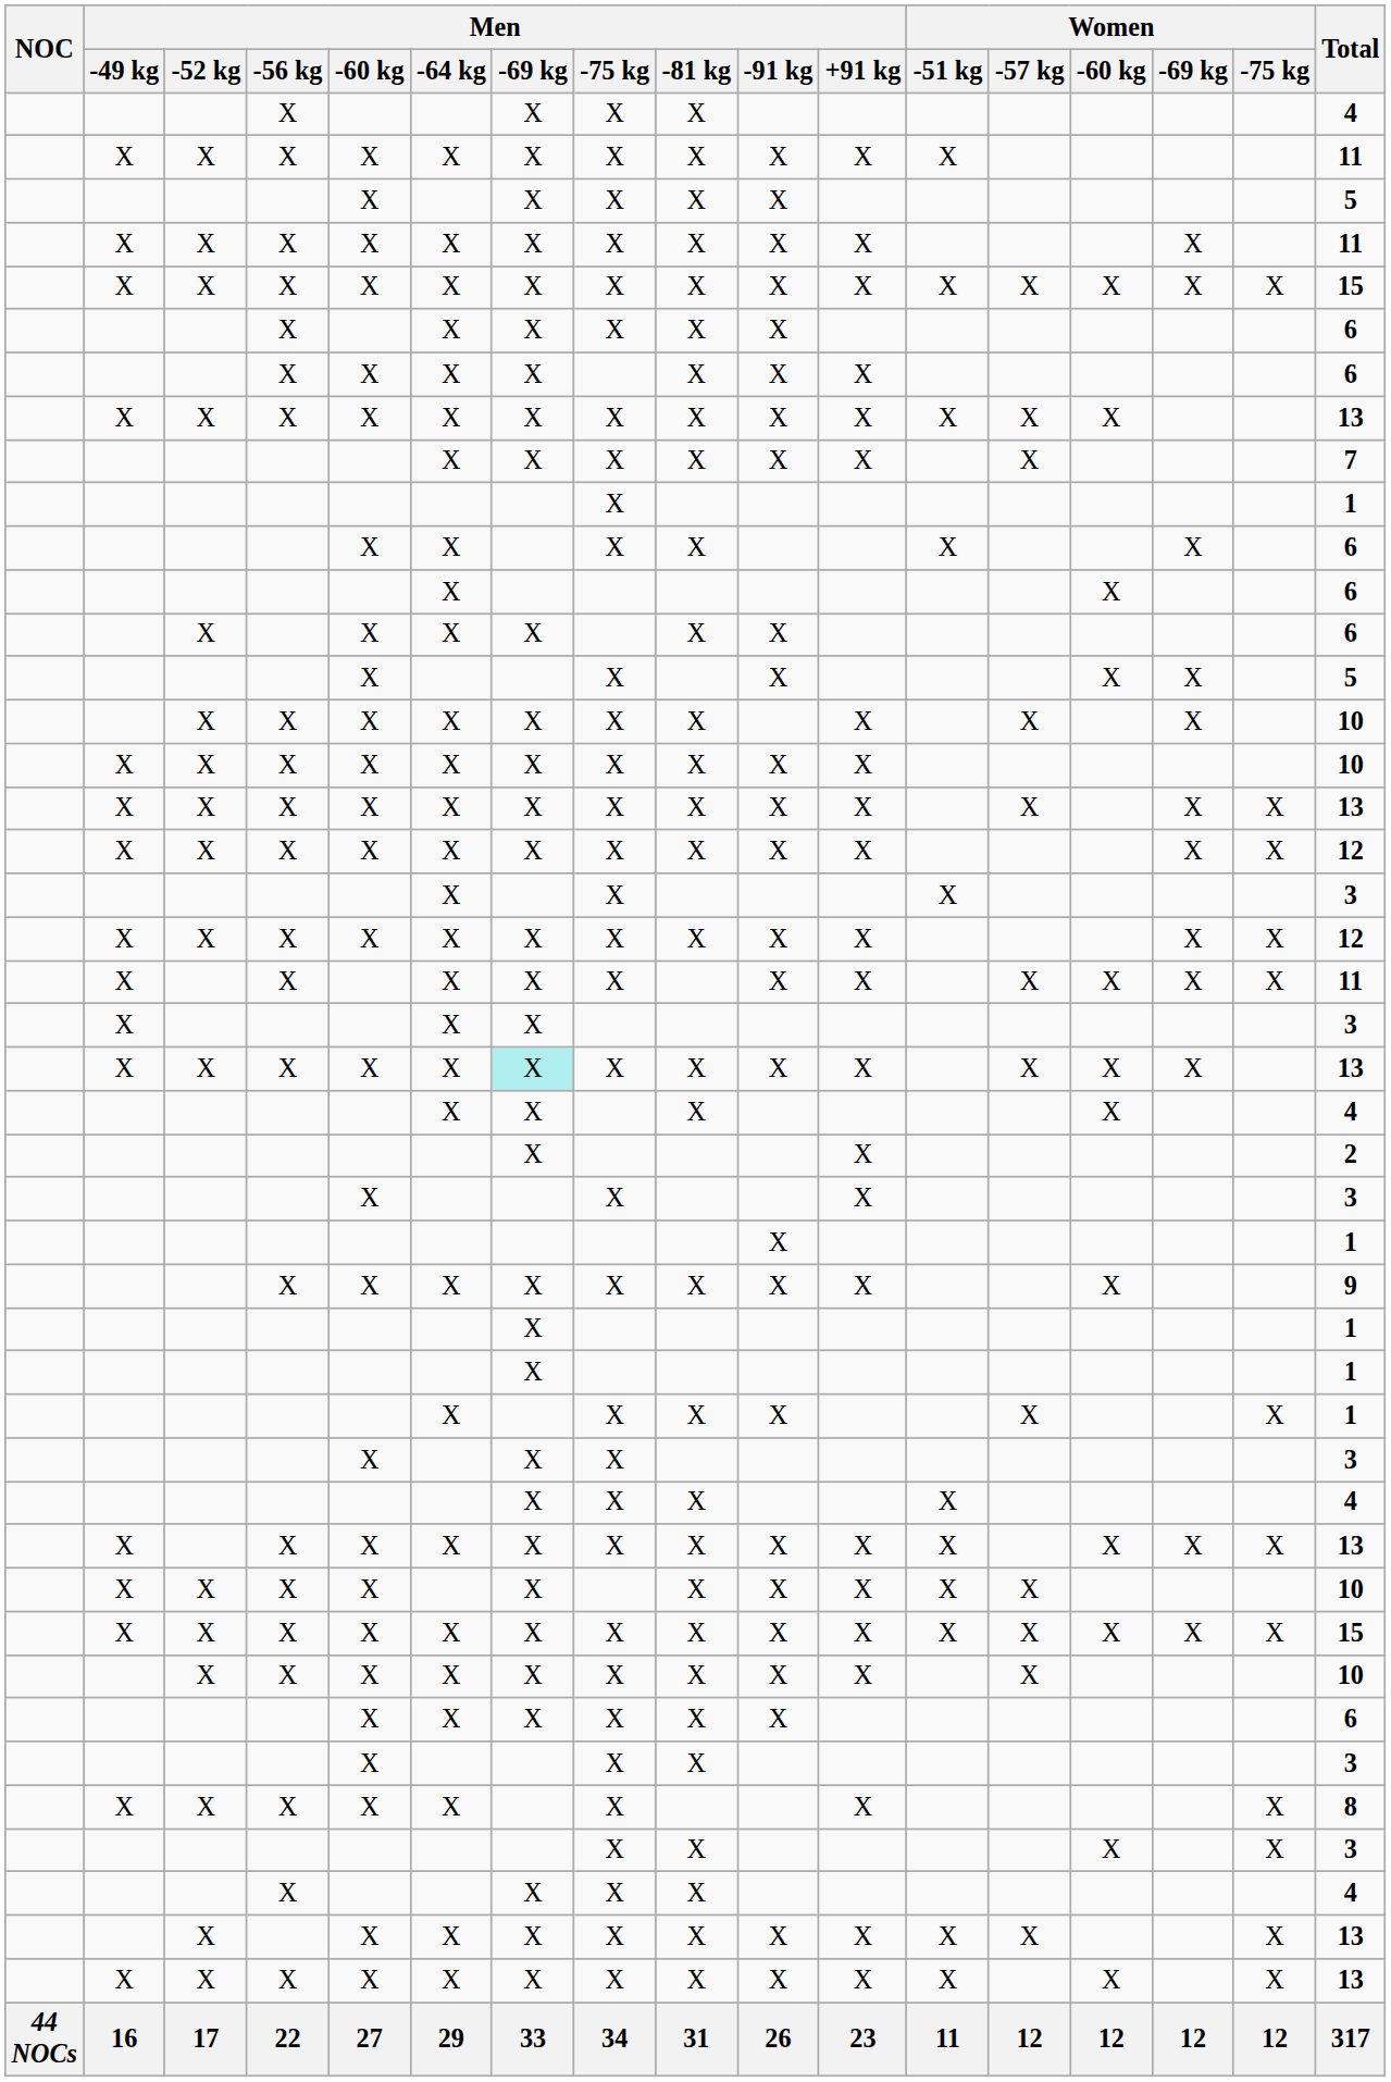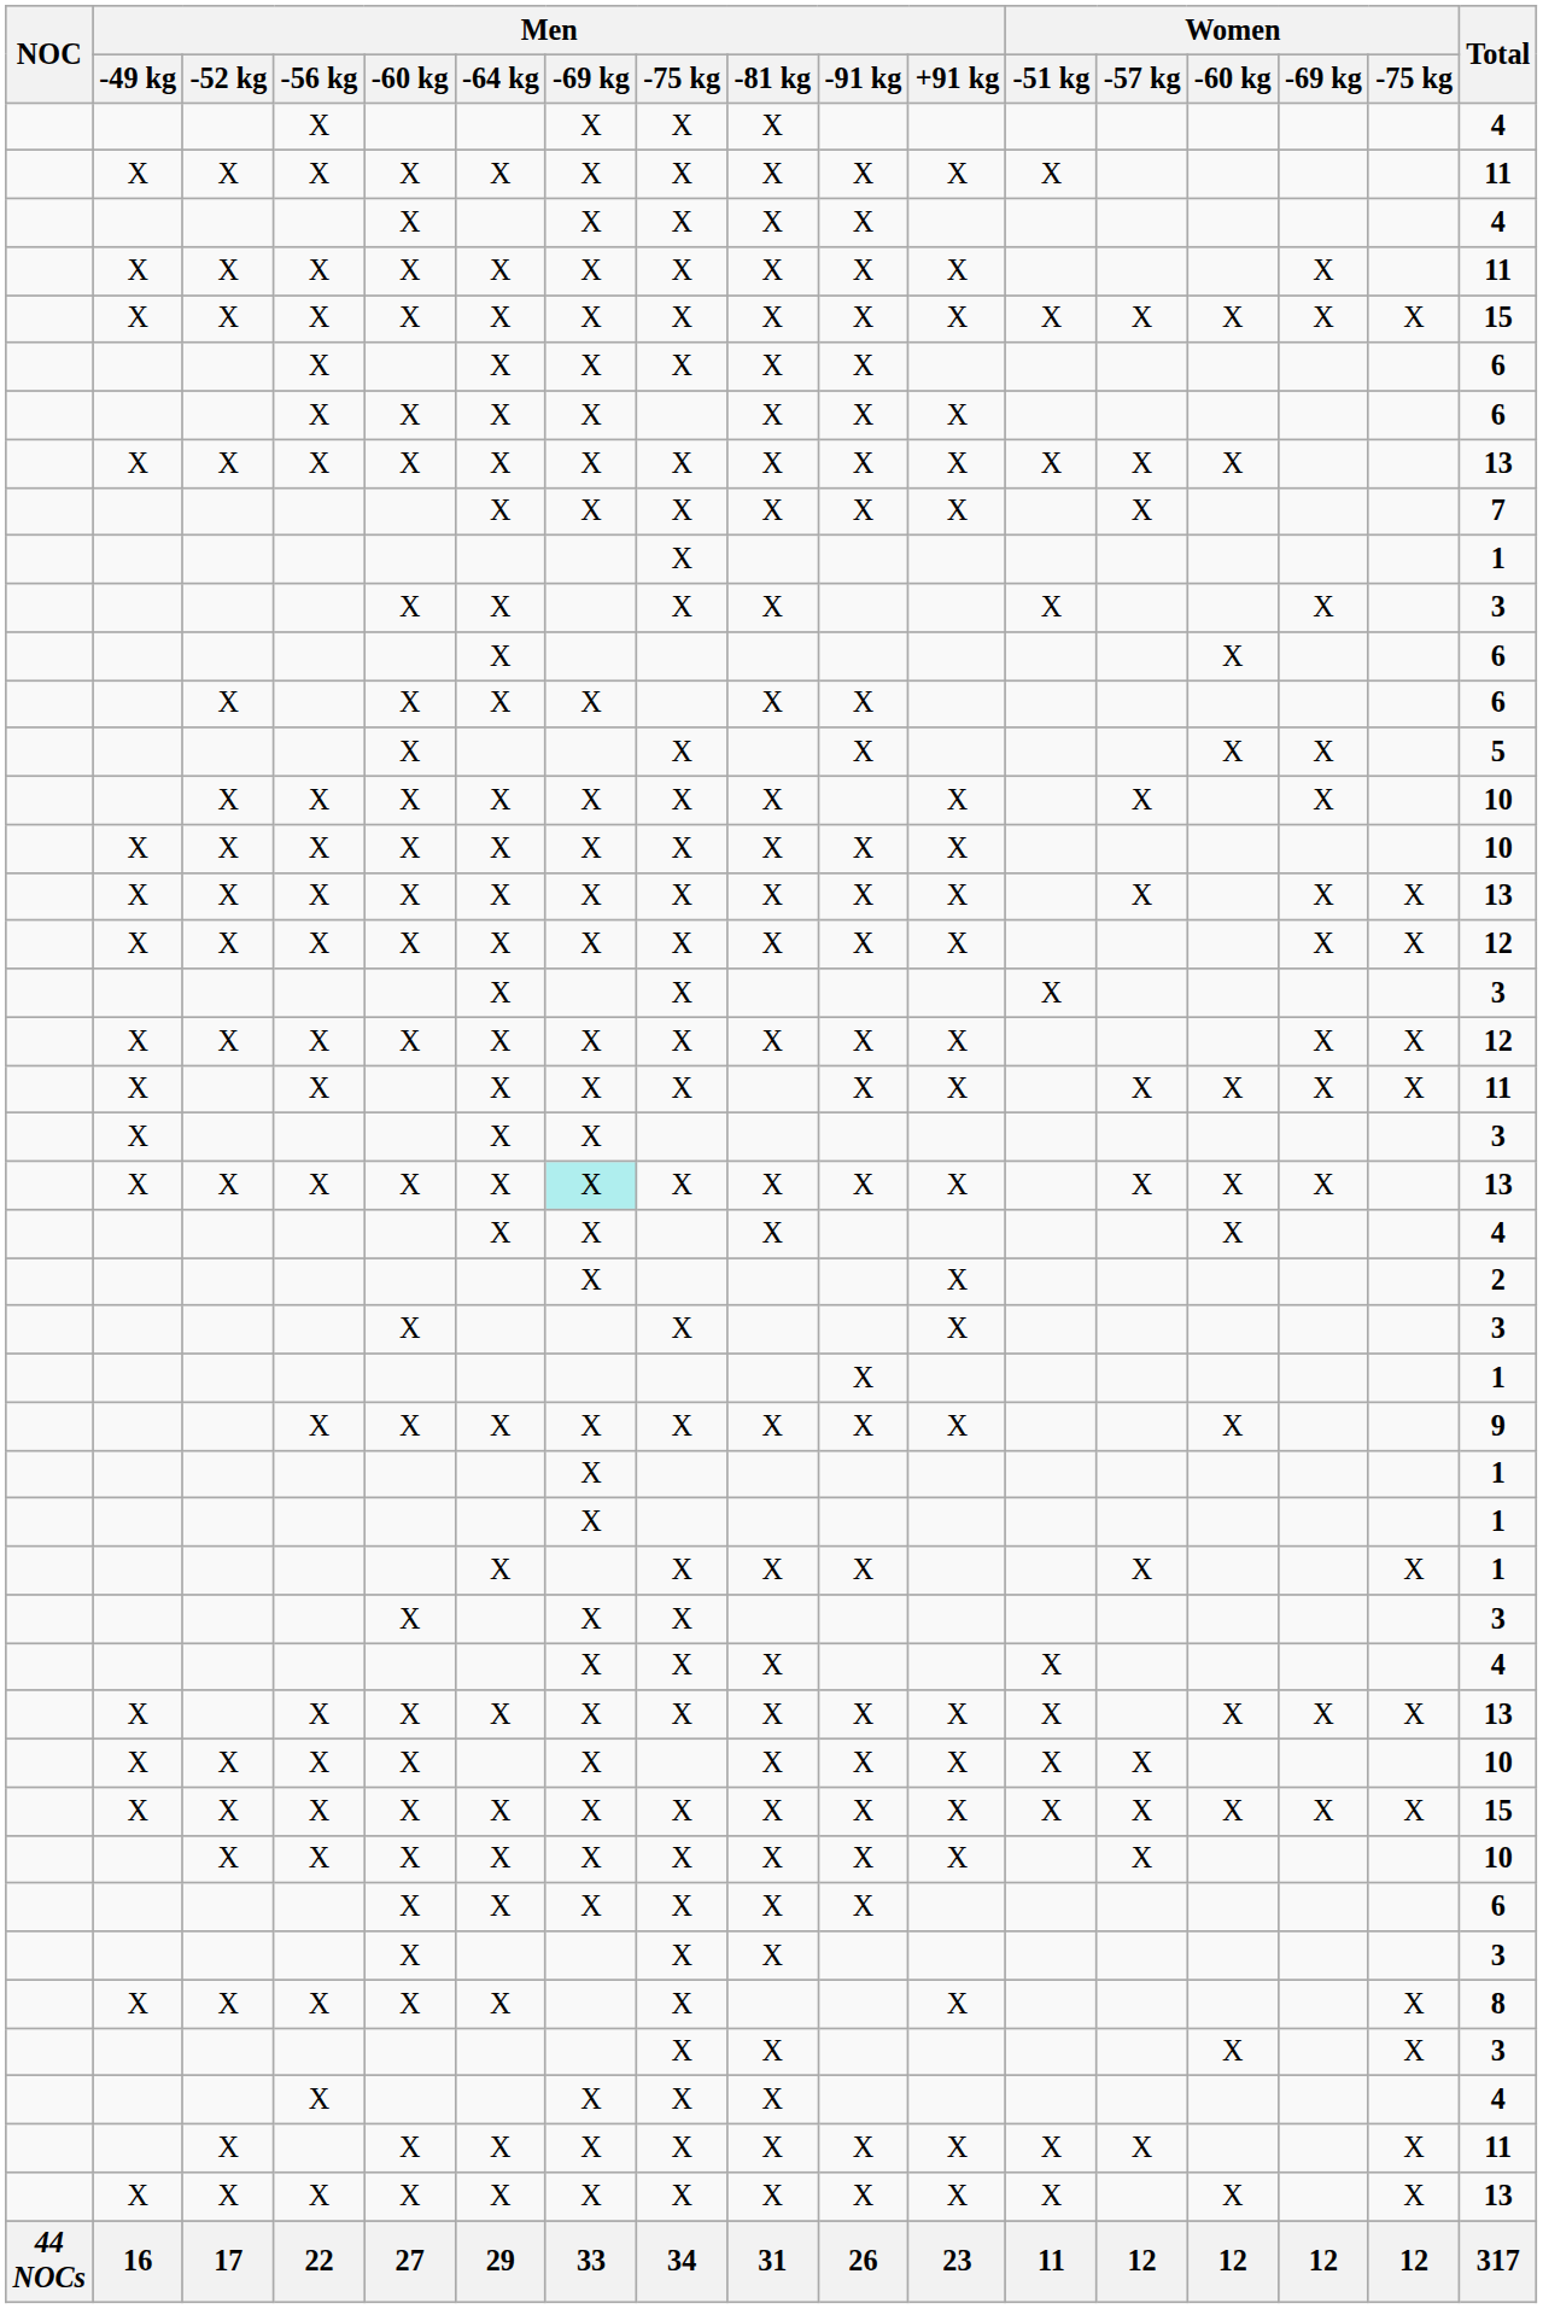 <table class="wikitable collapsible" style="text-align:center; font-size:90%">
 <tr>
 <th rowspan=2 width=170 align=left>NOC</th>
 <th colspan=10>Men</th>
 <th colspan=5>Women</th>
 <th rowspan=2 width=40>Total</th>
 </tr>
 <tr>
 <th width=40>-49 kg</th>
 <th width=40>-52 kg</th>
 <th width=40>-56 kg</th>
 <th width=40>-60 kg</th>
 <th width=40>-64 kg</th>
 <th width=40>-69 kg</th>
 <th width=40>-75 kg</th>
 <th width=40>-81 kg</th>
 <th width=40>-91 kg</th>
 <th width=40>+91 kg</th>
 <th width=40>-51 kg</th>
 <th width=40>-57 kg</th>
 <th width=40>-60 kg</th>
 <th width=40>-69 kg</th>
 <th width=40>-75 kg</th>
 </tr>
 <tr>
 <td align=left></td>
 <td></td>
 <td></td>
 <td>X</td>
 <td></td>
 <td></td>
 <td>X</td>
 <td>X</td>
 <td>X</td>
 <td></td>
 <td></td>
 <td></td>
 <td></td>
 <td></td>
 <td></td>
 <td></td>
 <td><strong>4</strong></td>
 </tr>
 <tr>
 <td align=left></td>
 <td>X</td>
 <td>X</td>
 <td>X</td>
 <td>X</td>
 <td>X</td>
 <td>X</td>
 <td>X</td>
 <td>X</td>
 <td>X</td>
 <td>X</td>
 <td>X</td>
 <td></td>
 <td></td>
 <td></td>
 <td></td>
 <td><strong>11</strong></td>
 </tr>
 <tr>
 <td align=left></td>
 <td></td>
 <td></td>
 <td></td>
 <td>X</td>
 <td></td>
 <td>X</td>
 <td>X</td>
 <td>X</td>
 <td>X</td>
 <td></td>
 <td></td>
 <td></td>
 <td></td>
 <td></td>
 <td></td>
-<td><strong>5</strong></td>
+<td><strong>4</strong></td>
 </tr>
 <tr>
 <td align=left></td>
 <td>X</td>
 <td>X</td>
 <td>X</td>
 <td>X</td>
 <td>X</td>
 <td>X</td>
 <td>X</td>
 <td>X</td>
 <td>X</td>
 <td>X</td>
 <td></td>
 <td></td>
 <td></td>
 <td>X</td>
 <td></td>
 <td><strong>11</strong></td>
 </tr>
 <tr>
 <td align=left></td>
 <td>X</td>
 <td>X</td>
 <td>X</td>
 <td>X</td>
 <td>X</td>
 <td>X</td>
 <td>X</td>
 <td>X</td>
 <td>X</td>
 <td>X</td>
 <td>X</td>
 <td>X</td>
 <td>X</td>
 <td>X</td>
 <td>X</td>
 <td><strong>15</strong></td>
 </tr>
 <tr>
 <td align=left></td>
 <td></td>
 <td></td>
 <td>X</td>
 <td></td>
 <td>X</td>
 <td>X</td>
 <td>X</td>
 <td>X</td>
 <td>X</td>
 <td></td>
 <td></td>
 <td></td>
 <td></td>
 <td></td>
 <td></td>
 <td><strong>6</strong></td>
 </tr>
 <tr>
 <td align=left></td>
 <td></td>
 <td></td>
 <td>X</td>
 <td>X</td>
 <td>X</td>
 <td>X</td>
 <td></td>
 <td>X</td>
 <td>X</td>
 <td>X</td>
 <td></td>
 <td></td>
 <td></td>
 <td></td>
 <td></td>
 <td><strong>6</strong></td>
 </tr>
 <tr>
 <td align=left></td>
 <td>X</td>
 <td>X</td>
 <td>X</td>
 <td>X</td>
 <td>X</td>
 <td>X</td>
 <td>X</td>
 <td>X</td>
 <td>X</td>
 <td>X</td>
 <td>X</td>
 <td>X</td>
 <td>X</td>
 <td></td>
 <td></td>
 <td><strong>13</strong></td>
 </tr>
 <tr>
 <td align=left></td>
 <td></td>
 <td></td>
 <td></td>
 <td></td>
 <td>X</td>
 <td>X</td>
 <td>X</td>
 <td>X</td>
 <td>X</td>
 <td>X</td>
 <td></td>
 <td>X</td>
 <td></td>
 <td></td>
 <td></td>
 <td><strong>7</strong></td>
 </tr>
 <tr>
 <td align=left></td>
 <td></td>
 <td></td>
 <td></td>
 <td></td>
 <td></td>
 <td></td>
 <td>X</td>
 <td></td>
 <td></td>
 <td></td>
 <td></td>
 <td></td>
 <td></td>
 <td></td>
 <td></td>
 <td><strong>1</strong></td>
 </tr>
 <tr>
 <td align=left></td>
 <td></td>
 <td></td>
 <td></td>
 <td>X</td>
 <td>X</td>
 <td></td>
 <td>X</td>
 <td>X</td>
 <td></td>
 <td></td>
 <td>X</td>
 <td></td>
 <td></td>
 <td>X</td>
 <td></td>
-<td><strong>6</strong></td>
+<td><strong>3</strong></td>
 </tr>
 <tr>
 <td align=left></td>
 <td></td>
 <td></td>
 <td></td>
 <td></td>
 <td>X</td>
 <td></td>
 <td></td>
 <td></td>
 <td></td>
 <td></td>
 <td></td>
 <td></td>
 <td>X</td>
 <td></td>
 <td></td>
 <td><strong>6</strong></td>
 </tr>
 <tr>
 <td align=left></td>
 <td></td>
 <td>X</td>
 <td></td>
 <td>X</td>
 <td>X</td>
 <td>X</td>
 <td></td>
 <td>X</td>
 <td>X</td>
 <td></td>
 <td></td>
 <td></td>
 <td></td>
 <td></td>
 <td></td>
 <td><strong>6</strong></td>
 </tr>
 <tr>
 <td align=left></td>
 <td></td>
 <td></td>
 <td></td>
 <td>X</td>
 <td></td>
 <td></td>
 <td>X</td>
 <td></td>
 <td>X</td>
 <td></td>
 <td></td>
 <td></td>
 <td>X</td>
 <td>X</td>
 <td></td>
 <td><strong>5</strong></td>
 </tr>
 <tr>
 <td align=left></td>
 <td></td>
 <td>X</td>
 <td>X</td>
 <td>X</td>
 <td>X</td>
 <td>X</td>
 <td>X</td>
 <td>X</td>
 <td></td>
 <td>X</td>
 <td></td>
 <td>X</td>
 <td></td>
 <td>X</td>
 <td></td>
 <td><strong>10</strong></td>
 </tr>
 <tr>
 <td align=left></td>
 <td>X</td>
 <td>X</td>
 <td>X</td>
 <td>X</td>
 <td>X</td>
 <td>X</td>
 <td>X</td>
 <td>X</td>
 <td>X</td>
 <td>X</td>
 <td></td>
 <td></td>
 <td></td>
 <td></td>
 <td></td>
 <td><strong>10</strong></td>
 </tr>
 <tr>
 <td align=left></td>
 <td>X</td>
 <td>X</td>
 <td>X</td>
 <td>X</td>
 <td>X</td>
 <td>X</td>
 <td>X</td>
 <td>X</td>
 <td>X</td>
 <td>X</td>
 <td></td>
 <td>X</td>
 <td></td>
 <td>X</td>
 <td>X</td>
 <td><strong>13</strong></td>
 </tr>
 <tr>
 <td align=left></td>
 <td>X</td>
 <td>X</td>
 <td>X</td>
 <td>X</td>
 <td>X</td>
 <td>X</td>
 <td>X</td>
 <td>X</td>
 <td>X</td>
 <td>X</td>
 <td></td>
 <td></td>
 <td></td>
 <td>X</td>
 <td>X</td>
 <td><strong>12</strong></td>
 </tr>
 <tr>
 <td align=left></td>
 <td></td>
 <td></td>
 <td></td>
 <td></td>
 <td>X</td>
 <td></td>
 <td>X</td>
 <td></td>
 <td></td>
 <td></td>
 <td>X</td>
 <td></td>
 <td></td>
 <td></td>
 <td></td>
 <td><strong>3</strong></td>
 </tr>
 <tr>
 <td align=left></td>
 <td>X</td>
 <td>X</td>
 <td>X</td>
 <td>X</td>
 <td>X</td>
 <td>X</td>
 <td>X</td>
 <td>X</td>
 <td>X</td>
 <td>X</td>
 <td></td>
 <td></td>
 <td></td>
 <td>X</td>
 <td>X</td>
 <td><strong>12</strong></td>
 </tr>
 <tr>
 <td align=left></td>
 <td>X</td>
 <td></td>
 <td>X</td>
 <td></td>
 <td>X</td>
 <td>X</td>
 <td>X</td>
 <td></td>
 <td>X</td>
 <td>X</td>
 <td></td>
 <td>X</td>
 <td>X</td>
 <td>X</td>
 <td>X</td>
 <td><strong>11</strong></td>
 </tr>
 <tr>
 <td align=left></td>
 <td>X</td>
 <td></td>
 <td></td>
 <td></td>
 <td>X</td>
 <td>X</td>
 <td></td>
 <td></td>
 <td></td>
 <td></td>
 <td></td>
 <td></td>
 <td></td>
 <td></td>
 <td></td>
 <td><strong>3</strong></td>
 </tr>
 <tr>
 <td align=left></td>
 <td>X</td>
 <td>X</td>
 <td>X</td>
 <td>X</td>
 <td>X</td>
 <td style="background: paleturquoise;">X</td>
 <td>X</td>
 <td>X</td>
 <td>X</td>
 <td>X</td>
 <td></td>
 <td>X</td>
 <td>X</td>
 <td>X</td>
 <td></td>
 <td><strong>13</strong></td>
 </tr>
 <tr>
 <td align=left></td>
 <td></td>
 <td></td>
 <td></td>
 <td></td>
 <td>X</td>
 <td>X</td>
 <td></td>
 <td>X</td>
 <td></td>
 <td></td>
 <td></td>
 <td></td>
 <td>X</td>
 <td></td>
 <td></td>
 <td><strong>4</strong></td>
 </tr>
 <tr>
 <td align=left></td>
 <td></td>
 <td></td>
 <td></td>
 <td></td>
 <td></td>
 <td>X</td>
 <td></td>
 <td></td>
 <td></td>
 <td>X</td>
 <td></td>
 <td></td>
 <td></td>
 <td></td>
 <td></td>
 <td><strong>2</strong></td>
 </tr>
 <tr>
 <td align=left></td>
 <td></td>
 <td></td>
 <td></td>
 <td>X</td>
 <td></td>
 <td></td>
 <td>X</td>
 <td></td>
 <td></td>
 <td>X</td>
 <td></td>
 <td></td>
 <td></td>
 <td></td>
 <td></td>
 <td><strong>3</strong></td>
 </tr>
 <tr>
 <td align=left></td>
 <td></td>
 <td></td>
 <td></td>
 <td></td>
 <td></td>
 <td></td>
 <td></td>
 <td></td>
 <td>X</td>
 <td></td>
 <td></td>
 <td></td>
 <td></td>
 <td></td>
 <td></td>
 <td><strong>1</strong></td>
 </tr>
 <tr>
 <td align=left></td>
 <td></td>
 <td></td>
 <td>X</td>
 <td>X</td>
 <td>X</td>
 <td>X</td>
 <td>X</td>
 <td>X</td>
 <td>X</td>
 <td>X</td>
 <td></td>
 <td></td>
 <td>X</td>
 <td></td>
 <td></td>
 <td><strong>9</strong></td>
 </tr>
 <tr>
 <td align=left></td>
 <td></td>
 <td></td>
 <td></td>
 <td></td>
 <td></td>
 <td>X</td>
 <td></td>
 <td></td>
 <td></td>
 <td></td>
 <td></td>
 <td></td>
 <td></td>
 <td></td>
 <td></td>
 <td><strong>1</strong></td>
 </tr>
 <tr>
 <td align=left></td>
 <td></td>
 <td></td>
 <td></td>
 <td></td>
 <td></td>
 <td>X</td>
 <td></td>
 <td></td>
 <td></td>
 <td></td>
 <td></td>
 <td></td>
 <td></td>
 <td></td>
 <td></td>
 <td><strong>1</strong></td>
 </tr>
 <tr>
 <td align=left></td>
 <td></td>
 <td></td>
 <td></td>
 <td></td>
 <td>X</td>
 <td></td>
 <td>X</td>
 <td>X</td>
 <td>X</td>
 <td></td>
 <td></td>
 <td>X</td>
 <td></td>
 <td></td>
 <td>X</td>
 <td><strong>1</strong></td>
 </tr>
 <tr>
 <td align=left></td>
 <td></td>
 <td></td>
 <td></td>
 <td>X</td>
 <td></td>
 <td>X</td>
 <td>X</td>
 <td></td>
 <td></td>
 <td></td>
 <td></td>
 <td></td>
 <td></td>
 <td></td>
 <td></td>
 <td><strong>3</strong></td>
 </tr>
 <tr>
 <td align=left></td>
 <td></td>
 <td></td>
 <td></td>
 <td></td>
 <td></td>
 <td>X</td>
 <td>X</td>
 <td>X</td>
 <td></td>
 <td></td>
 <td>X</td>
 <td></td>
 <td></td>
 <td></td>
 <td></td>
 <td><strong>4</strong></td>
 </tr>
 <tr>
 <td align=left></td>
 <td>X</td>
 <td></td>
 <td>X</td>
 <td>X</td>
 <td>X</td>
 <td>X</td>
 <td>X</td>
 <td>X</td>
 <td>X</td>
 <td>X</td>
 <td>X</td>
 <td></td>
 <td>X</td>
 <td>X</td>
 <td>X</td>
 <td><strong>13</strong></td>
 </tr>
 <tr>
 <td align=left></td>
 <td>X</td>
 <td>X</td>
 <td>X</td>
 <td>X</td>
 <td></td>
 <td>X</td>
 <td></td>
 <td>X</td>
 <td>X</td>
 <td>X</td>
 <td>X</td>
 <td>X</td>
 <td></td>
 <td></td>
 <td></td>
 <td><strong>10</strong></td>
 </tr>
 <tr>
 <td align=left></td>
 <td>X</td>
 <td>X</td>
 <td>X</td>
 <td>X</td>
 <td>X</td>
 <td>X</td>
 <td>X</td>
 <td>X</td>
 <td>X</td>
 <td>X</td>
 <td>X</td>
 <td>X</td>
 <td>X</td>
 <td>X</td>
 <td>X</td>
 <td><strong>15</strong></td>
 </tr>
 <tr>
 <td align=left></td>
 <td></td>
 <td>X</td>
 <td>X</td>
 <td>X</td>
 <td>X</td>
 <td>X</td>
 <td>X</td>
 <td>X</td>
 <td>X</td>
 <td>X</td>
 <td></td>
 <td>X</td>
 <td></td>
 <td></td>
 <td></td>
 <td><strong>10</strong></td>
 </tr>
 <tr>
 <td align=left></td>
 <td></td>
 <td></td>
 <td></td>
 <td>X</td>
 <td>X</td>
 <td>X</td>
 <td>X</td>
 <td>X</td>
 <td>X</td>
 <td></td>
 <td></td>
 <td></td>
 <td></td>
 <td></td>
 <td></td>
 <td><strong>6</strong></td>
 </tr>
 <tr>
 <td align=left></td>
 <td></td>
 <td></td>
 <td></td>
 <td>X</td>
 <td></td>
 <td></td>
 <td>X</td>
 <td>X</td>
 <td></td>
 <td></td>
 <td></td>
 <td></td>
 <td></td>
 <td></td>
 <td></td>
 <td><strong>3</strong></td>
 </tr>
 <tr>
 <td align=left></td>
 <td>X</td>
 <td>X</td>
 <td>X</td>
 <td>X</td>
 <td>X</td>
 <td></td>
 <td>X</td>
 <td></td>
 <td></td>
 <td>X</td>
 <td></td>
 <td></td>
 <td></td>
 <td></td>
 <td>X</td>
 <td><strong>8</strong></td>
 </tr>
 <tr>
 <td align=left></td>
 <td></td>
 <td></td>
 <td></td>
 <td></td>
 <td></td>
 <td></td>
 <td>X</td>
 <td>X</td>
 <td></td>
 <td></td>
 <td></td>
 <td></td>
 <td>X</td>
 <td></td>
 <td>X</td>
 <td><strong>3</strong></td>
 </tr>
 <tr>
 <td align=left></td>
 <td></td>
 <td></td>
 <td>X</td>
 <td></td>
 <td></td>
 <td>X</td>
 <td>X</td>
 <td>X</td>
 <td></td>
 <td></td>
 <td></td>
 <td></td>
 <td></td>
 <td></td>
 <td></td>
 <td><strong>4</strong></td>
 </tr>
 <tr>
 <td align=left></td>
 <td></td>
 <td>X</td>
 <td></td>
 <td>X</td>
 <td>X</td>
 <td>X</td>
 <td>X</td>
 <td>X</td>
 <td>X</td>
 <td>X</td>
 <td>X</td>
 <td>X</td>
 <td></td>
 <td></td>
 <td>X</td>
-<td><strong>13</strong></td>
+<td><strong>11</strong></td>
 </tr>
 <tr>
 <td align=left></td>
 <td>X</td>
 <td>X</td>
 <td>X</td>
 <td>X</td>
 <td>X</td>
 <td>X</td>
 <td>X</td>
 <td>X</td>
 <td>X</td>
 <td>X</td>
 <td>X</td>
 <td></td>
 <td>X</td>
 <td></td>
 <td>X</td>
 <td><strong>13</strong></td>
 </tr>
 <tr>
 <th><em>44 NOCs</em></th>
 <th>16</th>
 <th>17</th>
 <th>22</th>
 <th>27</th>
 <th>29</th>
 <th>33</th>
 <th>34</th>
 <th>31</th>
 <th>26</th>
 <th>23</th>
 <th>11</th>
 <th>12</th>
 <th>12</th>
 <th>12</th>
 <th>12</th>
 <th>317</th>
 </tr>
 </table>
